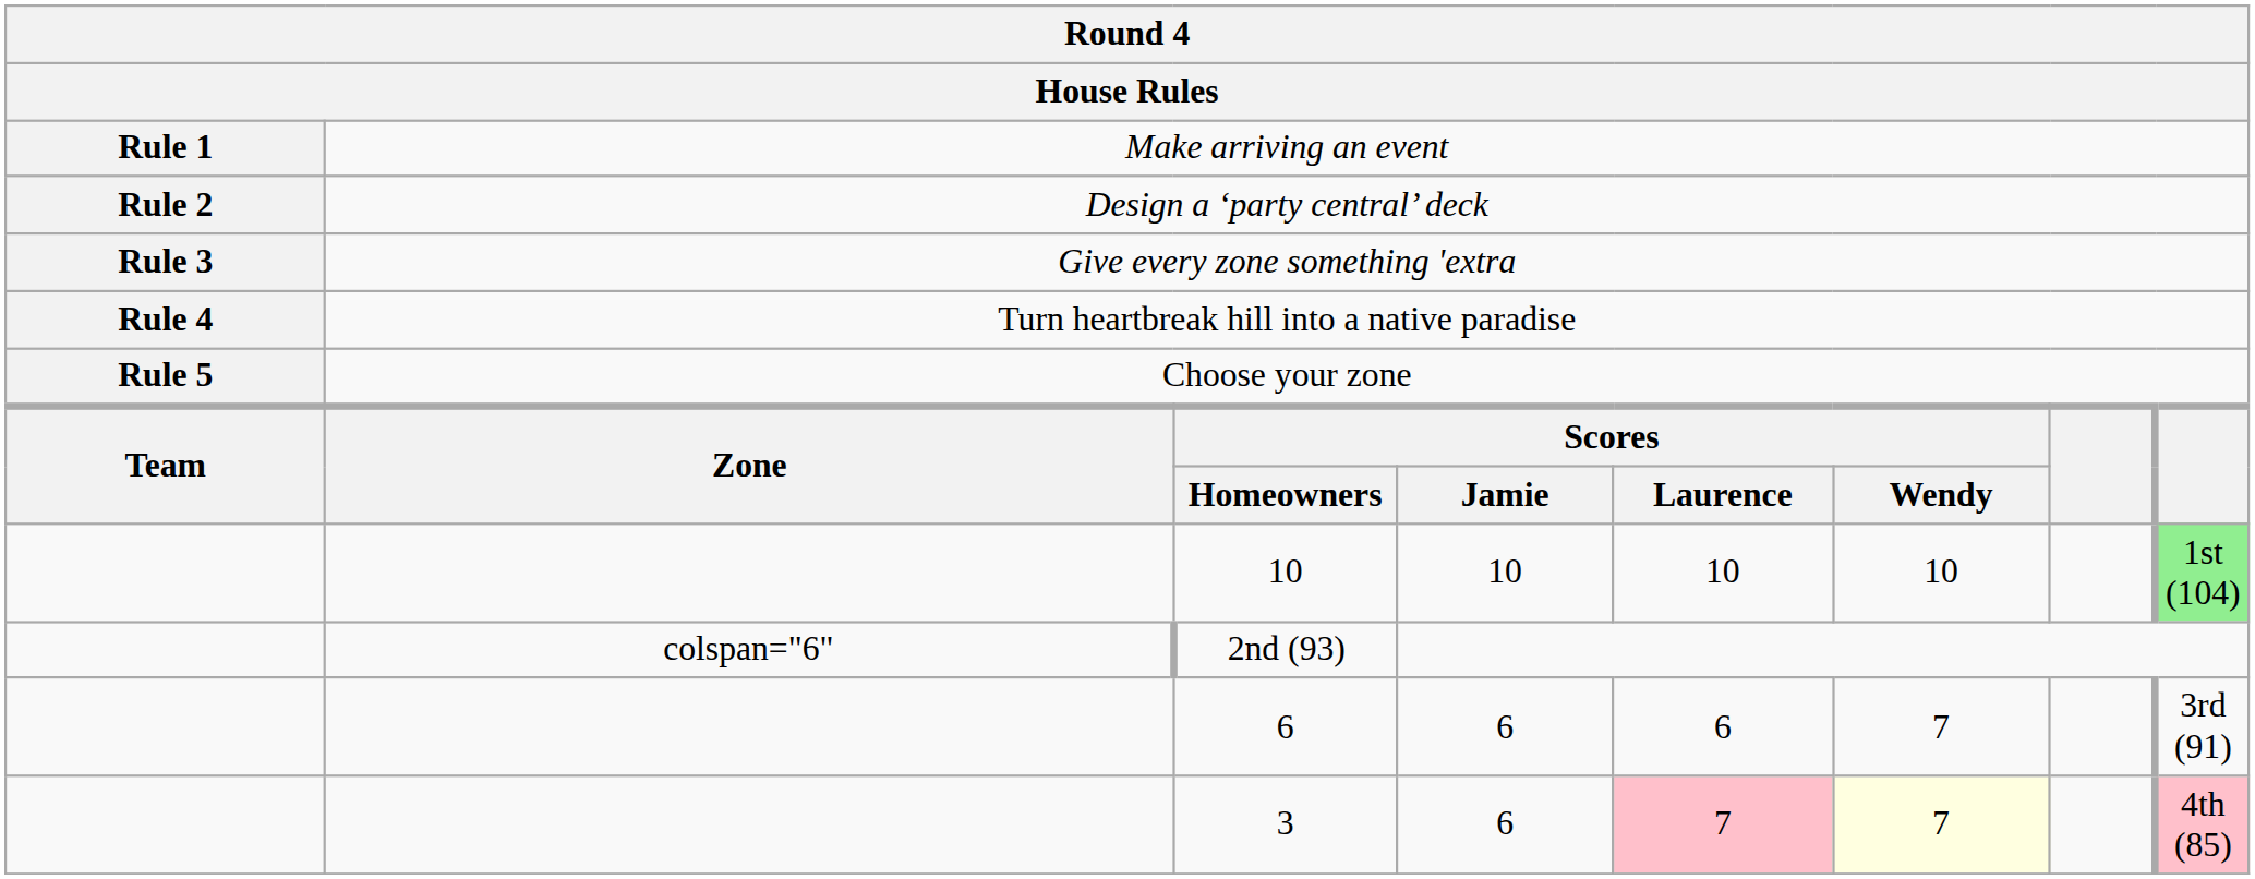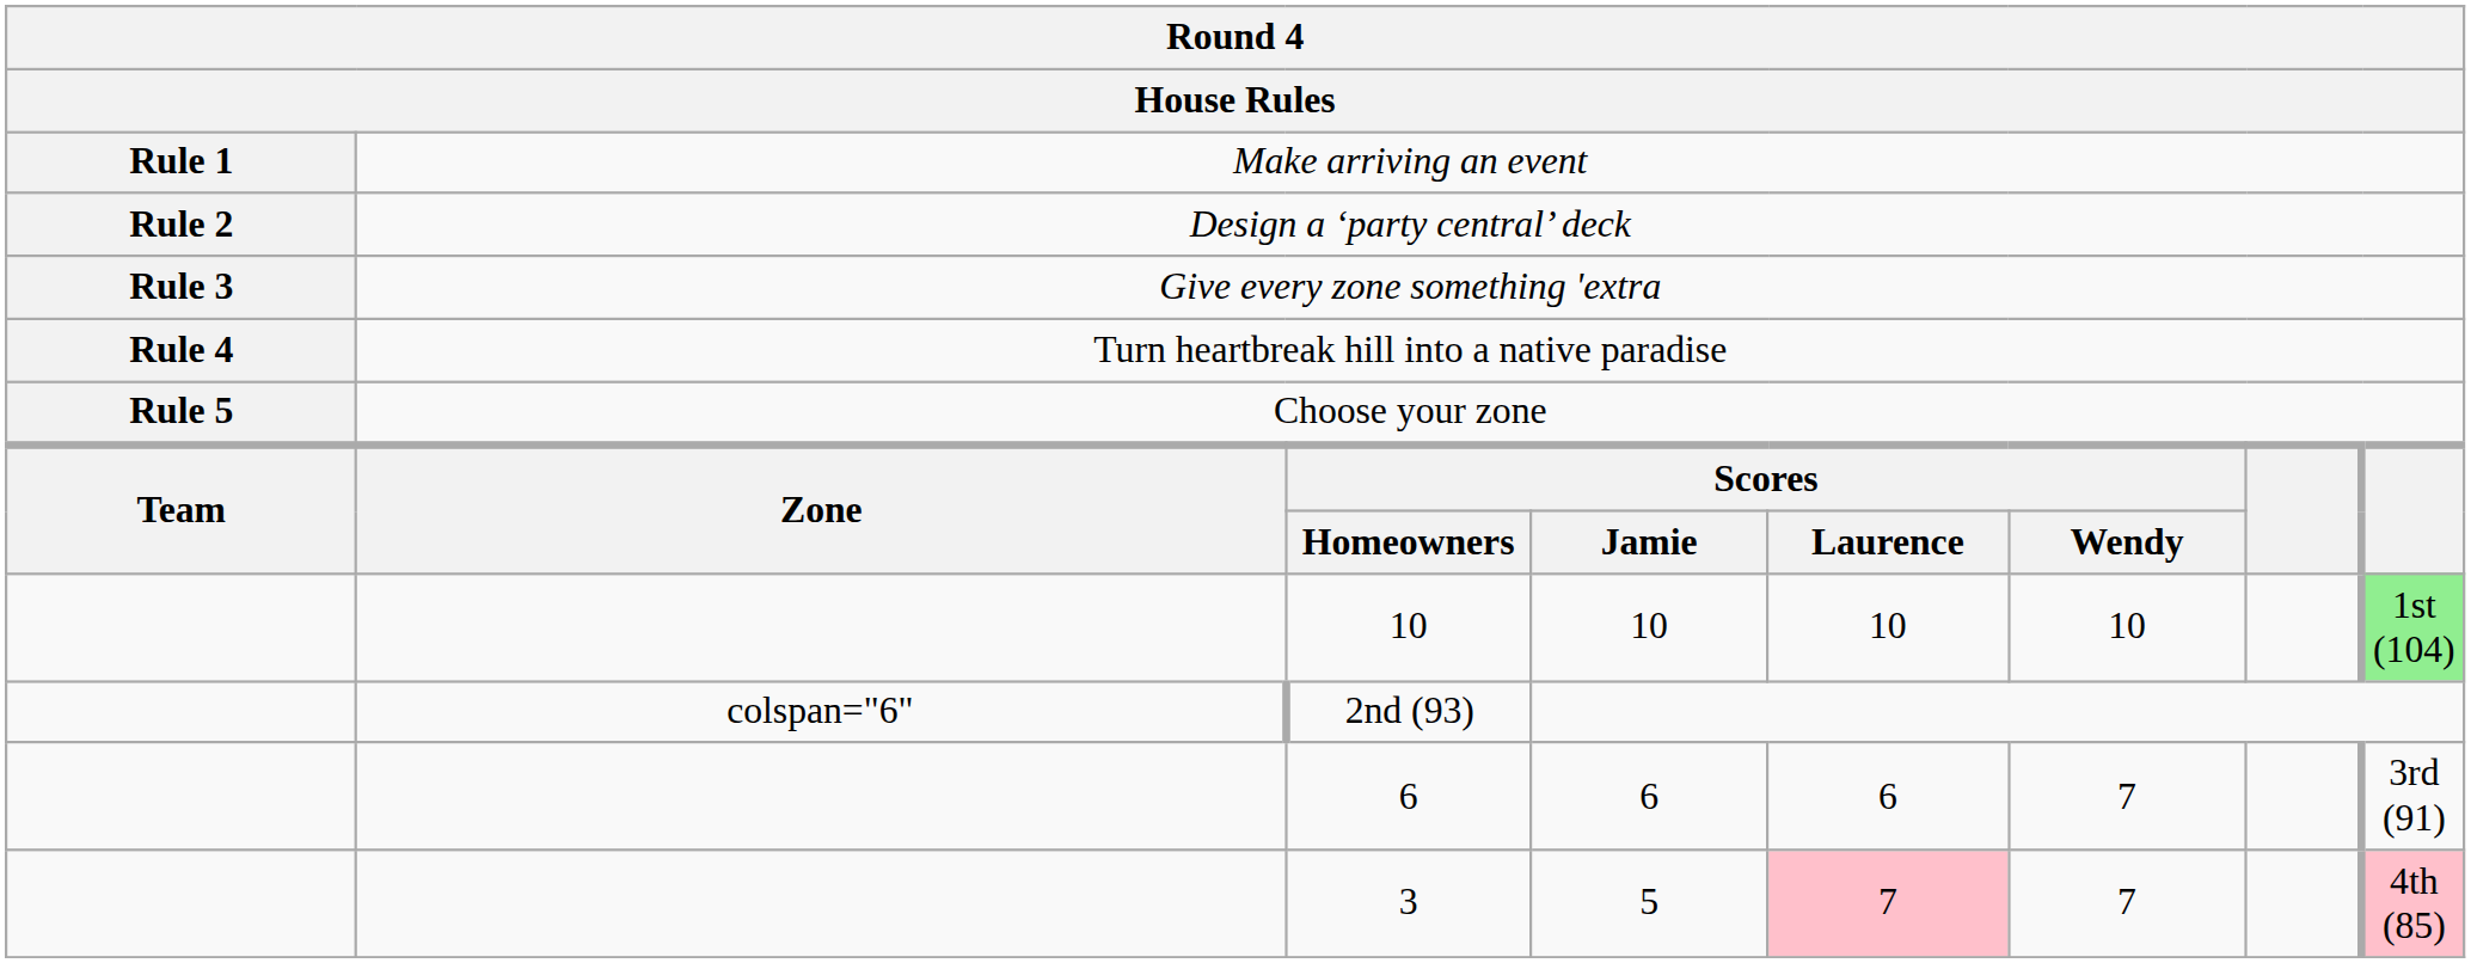 <table class="wikitable plainrowheaders" style="text-align:center; font-size:90%; width:65em;">
 <tr>
 <th colspan="8" >Round 4</th>
 </tr>
 <tr>
 <th colspan=8 style="width:15%;">House Rules</th>
 </tr>
 <tr>
 <th>Rule 1</th>
 <td colspan="8"><em>Make arriving an event</em></td>
 </tr>
 <tr>
 <th>Rule 2</th>
 <td colspan="8"><em>Design a ‘party central’ deck</em></td>
 </tr>
 <tr>
 <th>Rule 3</th>
 <td colspan="8"><em>Give every zone something 'extra<strong></td>
 </tr>
 <tr>
 <th>Rule 4</th>
 <td colspan="8"></em>Turn heartbreak hill into a native paradise<em></td>
 </tr>
 <tr>
 <th>Rule 5</th>
 <td colspan="8"></em>Choose your zone<em></td>
 </tr>
 <tr style="border-top:3px solid #aaa;">
 <th rowspan="2">Team</th>
 <th rowspan="2" style="width:40%;">Zone</th>
 <th colspan="4" style="width:30%;">Scores</th>
 <th rowspan="2" style="width:15%;"></th>
 <th rowspan="2" style="width:15%; border-left:3px solid #aaa;"></th>
 </tr>
 <tr>
 <th style="width:10%;">Homeowners</th>
 <th style="width:10%;">Jamie</th>
 <th style="width:10%;">Laurence</th>
 <th style="width:10%;">Wendy</th>
 </tr>
 <tr>
 <td style="width:15%;"></td>
 <td></td>
 <td>10</td>
 <td>10</td>
 <td>10</td>
 <td>10</td>
 <td></td>
 <td style="border-left:3px solid #aaa;" bgcolor="lightgreen"></strong>1st (104)<strong></td>
 </tr>
 <tr>
 <td style="width:15%;"></td>
 <td>colspan="6" </td>
 <td style="border-left:3px solid #aaa;"></strong>2nd (93)<strong></td>
 </tr>
 <tr>
 <td style="width:15%;"></td>
 <td></td>
 <td>6</td>
 <td>6</td>
 <td>6</td>
 <td>7</td>
 <td></td>
 <td style="border-left:3px solid #aaa;"></strong>3rd (91)<strong></td>
 </tr>
 <tr>
 <td style="width:15%;"></td>
 <td></td>
 <td>3</td>
-<td>6</td>
+<td>5</td>
 <td style="background: pink;">7</td>
-<td style="background: lightyellow;">7</td>
+<td>7</td>
 <td></td>
 <td style="border-left:3px solid #aaa;" bgcolor="pink"></strong>4th (85)<strong></td>
 </tr>
 <tr>
 </tr>
 </table>
